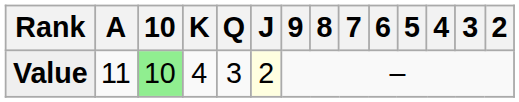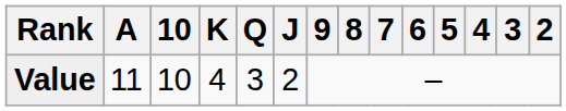 <table class="wikitable" align="right">
 <tr>
 <th>Rank</th>
 <th>A</th>
 <th>10</th>
 <th>K</th>
 <th>Q</th>
 <th>J</th>
 <th>9</th>
 <th>8</th>
 <th>7</th>
 <th>6</th>
 <th>5</th>
 <th>4</th>
 <th>3</th>
 <th>2</th>
 </tr>
 <tr align="center">
 <td style="background:#efefef;"><strong>Value</strong></td>
 <td>11</td>
-<td style="background: lightgreen;">10</td>
+<td>10</td>
 <td>4</td>
 <td>3</td>
-<td style="background: lightyellow;">2</td>
+<td>2</td>
 <td colspan=8>–</td>
 </tr>
 </table>
